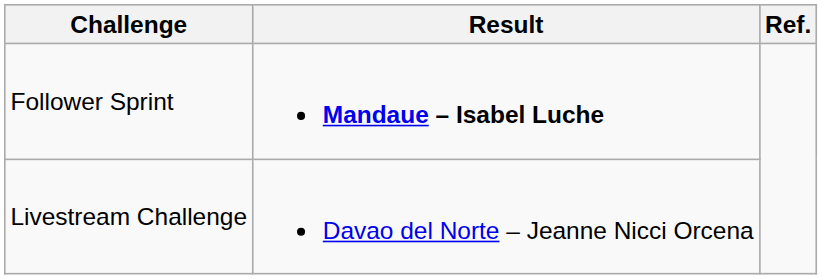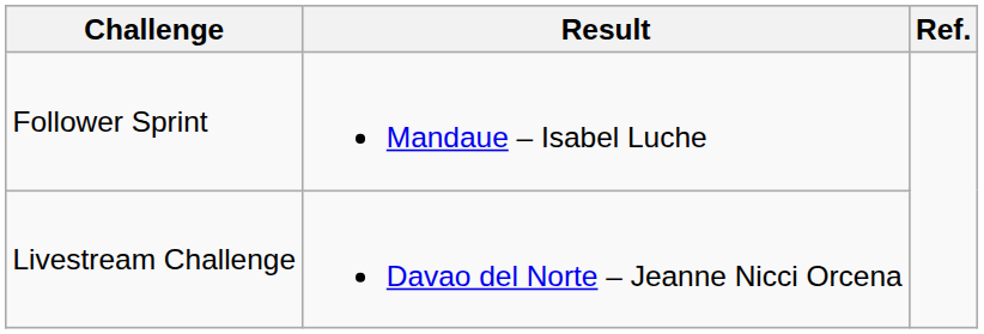 <table class="wikitable sortable" style="font-size: 95%;">
 <tr>
 <th>Challenge</th>
 <th>Result</th>
 <th>Ref.</th>
 </tr>
 <tr>
 <td>Follower Sprint</td>
-<td><strong><br><ul><li><a href='#'>Mandaue</a> – Isabel Luche</li></ul></strong></td>
+<td><br><ul><li><a href='#'>Mandaue</a> – Isabel Luche</li></ul></td>
 <td rowspan="2"></td>
 </tr>
 <tr>
 <td>Livestream Challenge</td>
 <td><br><ul><li><a href='#'>Davao del Norte</a> – Jeanne Nicci Orcena</li></ul></td>
 </tr>
 </table>
